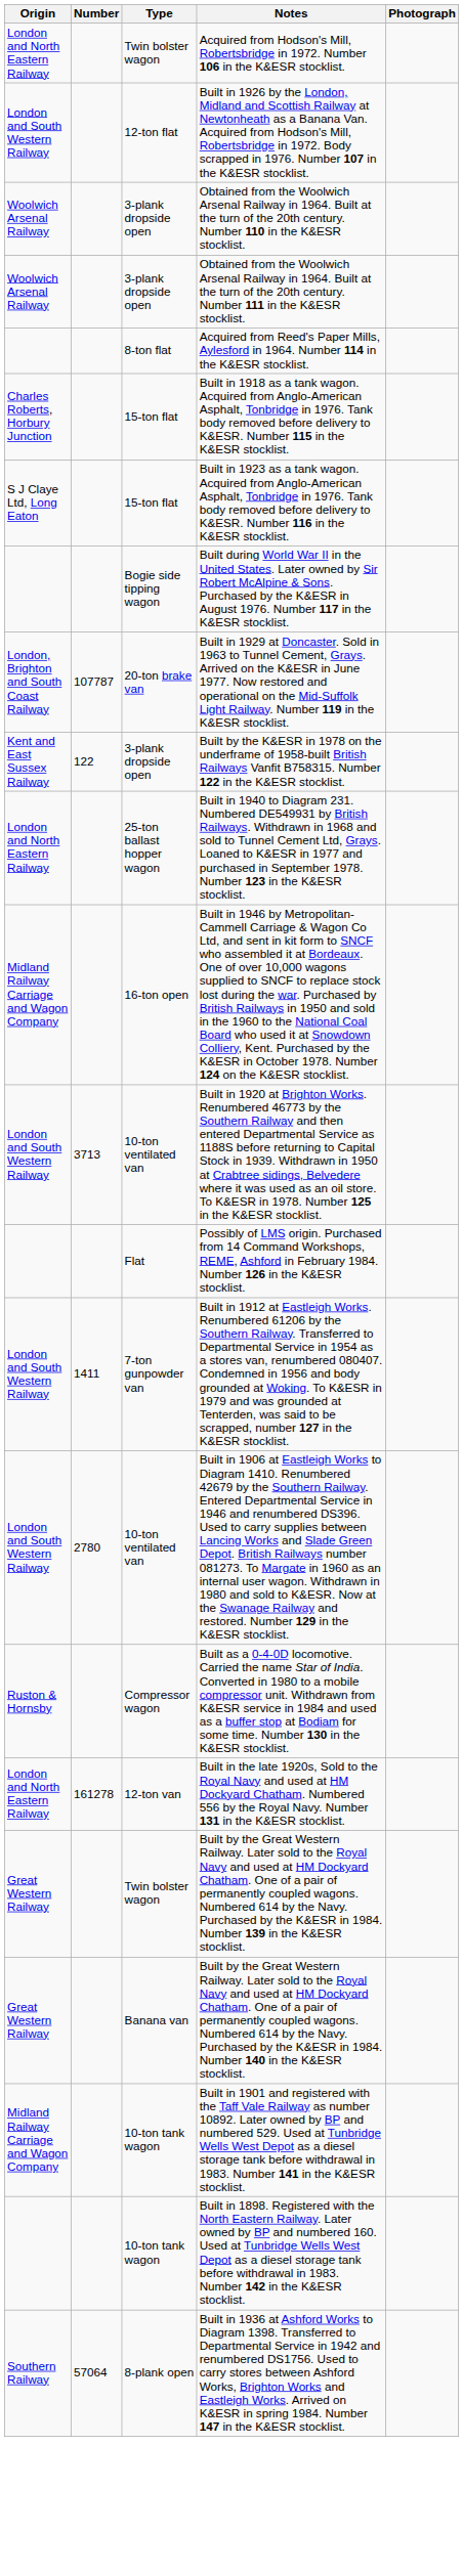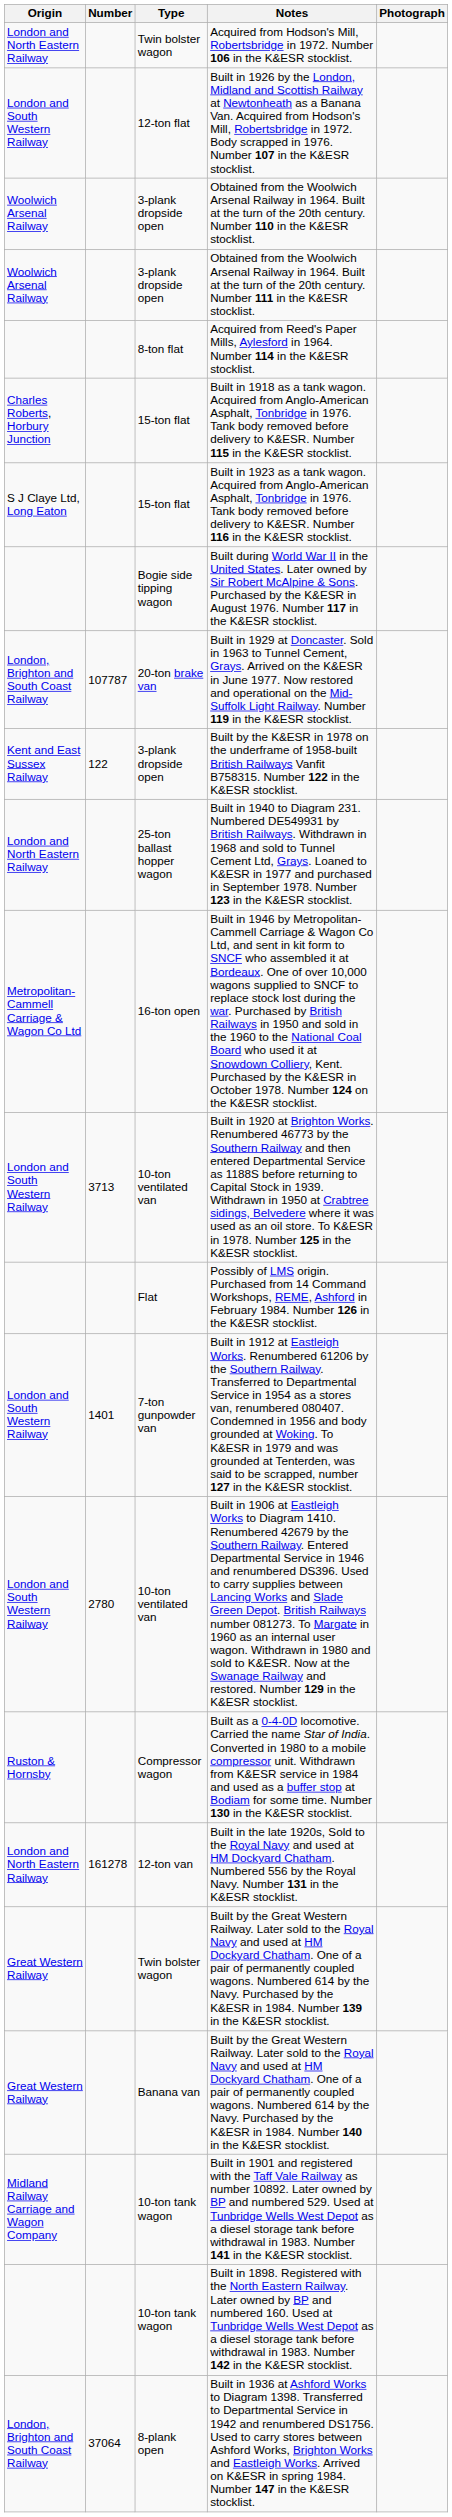 <table class="wikitable">
 <tr>
 <th>Origin</th>
 <th>Number</th>
 <th>Type</th>
 <th>Notes</th>
 <th>Photograph</th>
 </tr>
 <tr>
 <td><a href='#'>London and North Eastern Railway</a></td>
 <td></td>
 <td>Twin bolster wagon</td>
 <td>Acquired from Hodson's Mill, <a href='#'>Robertsbridge</a> in 1972. Number <strong>106</strong> in the K&ESR stocklist.</td>
 <td></td>
 </tr>
 <tr>
 <td><a href='#'>London and South Western Railway</a></td>
 <td></td>
 <td>12-ton flat</td>
 <td>Built in 1926 by the <a href='#'>London, Midland and Scottish Railway</a> at <a href='#'>Newtonheath</a> as a Banana Van. Acquired from Hodson's Mill, <a href='#'>Robertsbridge</a> in 1972. Body scrapped in 1976. Number <strong>107</strong> in the K&ESR stocklist.</td>
 <td></td>
 </tr>
 <tr>
 <td><a href='#'>Woolwich Arsenal Railway</a></td>
 <td></td>
 <td>3-plank dropside open</td>
 <td>Obtained from the Woolwich Arsenal Railway in 1964. Built at the turn of the 20th century. Number <strong>110</strong> in the K&ESR stocklist.</td>
 <td></td>
 </tr>
 <tr>
 <td><a href='#'>Woolwich Arsenal Railway</a></td>
 <td></td>
 <td>3-plank dropside open</td>
 <td>Obtained from the Woolwich Arsenal Railway in 1964. Built at the turn of the 20th century. Number <strong>111</strong> in the K&ESR stocklist.</td>
 <td></td>
 </tr>
 <tr>
 <td></td>
 <td></td>
 <td>8-ton flat</td>
 <td>Acquired from Reed's Paper Mills, <a href='#'>Aylesford</a> in 1964. Number <strong>114</strong> in the K&ESR stocklist.</td>
 <td></td>
 </tr>
 <tr>
 <td><a href='#'>Charles Roberts</a>, <a href='#'>Horbury Junction</a></td>
 <td></td>
 <td>15-ton flat</td>
 <td>Built in 1918 as a tank wagon. Acquired from Anglo-American Asphalt, <a href='#'>Tonbridge</a> in 1976. Tank body removed before delivery to K&ESR. Number <strong>115</strong> in the K&ESR stocklist.</td>
 <td></td>
 </tr>
 <tr>
 <td>S J Claye Ltd, <a href='#'>Long Eaton</a></td>
 <td></td>
 <td>15-ton flat</td>
 <td>Built in 1923 as a tank wagon. Acquired from Anglo-American Asphalt, <a href='#'>Tonbridge</a> in 1976. Tank body removed before delivery to K&ESR. Number <strong>116</strong> in the K&ESR stocklist.</td>
 <td></td>
 </tr>
 <tr>
 <td></td>
 <td></td>
 <td>Bogie side tipping wagon</td>
 <td>Built during <a href='#'>World War II</a> in the <a href='#'>United States</a>. Later owned by <a href='#'>Sir Robert McAlpine & Sons</a>. Purchased by the K&ESR in August 1976. Number <strong>117</strong> in the K&ESR stocklist.</td>
 <td></td>
 </tr>
 <tr>
 <td><a href='#'>London, Brighton and South Coast Railway</a></td>
 <td>107787</td>
 <td>20-ton <a href='#'>brake van</a></td>
 <td>Built in 1929 at <a href='#'>Doncaster</a>. Sold in 1963 to Tunnel Cement, <a href='#'>Grays</a>. Arrived on the K&ESR in June 1977. Now restored and operational on the <a href='#'>Mid-Suffolk Light Railway</a>. Number <strong>119</strong> in the K&ESR stocklist.</td>
 <td></td>
 </tr>
 <tr>
 <td><a href='#'>Kent and East Sussex Railway</a></td>
 <td>122</td>
 <td>3-plank dropside open</td>
 <td>Built by the K&ESR in 1978 on the underframe of 1958-built <a href='#'>British Railways</a> Vanfit B758315. Number <strong>122</strong> in the K&ESR stocklist.</td>
 <td></td>
 </tr>
 <tr>
 <td><a href='#'>London and North Eastern Railway</a></td>
 <td></td>
 <td>25-ton ballast hopper wagon</td>
 <td>Built in 1940 to Diagram 231. Numbered DE549931 by <a href='#'>British Railways</a>. Withdrawn in 1968 and sold to Tunnel Cement Ltd, <a href='#'>Grays</a>. Loaned to K&ESR in 1977 and purchased in September 1978. Number <strong>123</strong> in the K&ESR stocklist.</td>
 <td></td>
 </tr>
 <tr>
-<td><a href='#'>Midland Railway Carriage and Wagon Company</a></td>
+<td><a href='#'>Metropolitan-Cammell Carriage & Wagon Co Ltd</a></td>
 <td></td>
 <td>16-ton open</td>
 <td>Built in 1946 by Metropolitan-Cammell Carriage & Wagon Co Ltd, and sent in kit form to <a href='#'>SNCF</a> who assembled it at <a href='#'>Bordeaux</a>. One of over 10,000 wagons supplied to SNCF to replace stock lost during the <a href='#'>war</a>. Purchased by <a href='#'>British Railways</a> in 1950 and sold in the 1960 to the <a href='#'>National Coal Board</a> who used it at <a href='#'>Snowdown Colliery</a>, Kent. Purchased by the K&ESR in October 1978. Number <strong>124</strong> on the K&ESR stocklist.</td>
 <td></td>
 </tr>
 <tr>
 <td><a href='#'>London and South Western Railway</a></td>
 <td>3713</td>
 <td>10-ton ventilated van</td>
 <td>Built in 1920 at <a href='#'>Brighton Works</a>. Renumbered 46773 by the <a href='#'>Southern Railway</a> and then entered Departmental Service as 1188S before returning to Capital Stock in 1939. Withdrawn in 1950 at <a href='#'>Crabtree sidings, Belvedere</a> where it was used as an oil store. To K&ESR in 1978. Number <strong>125</strong> in the K&ESR stocklist.</td>
 <td></td>
 </tr>
 <tr>
 <td></td>
 <td></td>
 <td>Flat</td>
 <td>Possibly of <a href='#'>LMS</a> origin. Purchased from 14 Command Workshops, <a href='#'>REME</a>, <a href='#'>Ashford</a> in February 1984. Number <strong>126</strong> in the K&ESR stocklist.</td>
 <td></td>
 </tr>
 <tr>
 <td><a href='#'>London and South Western Railway</a></td>
-<td>1411</td>
+<td>1401</td>
 <td>7-ton gunpowder van</td>
 <td>Built in 1912 at <a href='#'>Eastleigh Works</a>. Renumbered 61206 by the <a href='#'>Southern Railway</a>. Transferred to Departmental Service in 1954 as a stores van, renumbered 080407. Condemned in 1956 and body grounded at <a href='#'>Woking</a>. To K&ESR in 1979 and was grounded at Tenterden, was said to be scrapped, number <strong>127</strong> in the K&ESR stocklist. </td>
 <td></td>
 </tr>
 <tr>
 <td><a href='#'>London and South Western Railway</a></td>
 <td>2780</td>
 <td>10-ton ventilated van</td>
 <td>Built in 1906 at <a href='#'>Eastleigh Works</a> to Diagram 1410. Renumbered 42679 by the <a href='#'>Southern Railway</a>. Entered Departmental Service in 1946 and renumbered DS396. Used to carry supplies between <a href='#'>Lancing Works</a> and <a href='#'>Slade Green Depot</a>. <a href='#'>British Railways</a> number 081273. To <a href='#'>Margate</a> in 1960 as an internal user wagon. Withdrawn in 1980 and sold to K&ESR. Now at the <a href='#'>Swanage Railway</a> and restored. Number <strong>129</strong> in the K&ESR stocklist.</td>
 <td></td>
 </tr>
 <tr>
 <td><a href='#'>Ruston & Hornsby</a></td>
 <td></td>
 <td>Compressor wagon</td>
 <td>Built as a  <a href='#'>0-4-0D</a> locomotive. Carried the name <em>Star of India</em>. Converted in 1980 to a mobile <a href='#'>compressor</a> unit. Withdrawn from K&ESR service in 1984 and used as a <a href='#'>buffer stop</a> at <a href='#'>Bodiam</a> for some time. Number <strong>130</strong> in the K&ESR stocklist.</td>
 <td></td>
 </tr>
 <tr>
 <td><a href='#'>London and North Eastern Railway</a></td>
 <td>161278</td>
 <td>12-ton van</td>
 <td>Built in the late 1920s, Sold to the <a href='#'>Royal Navy</a> and used at <a href='#'>HM Dockyard Chatham</a>. Numbered 556 by the Royal Navy. Number <strong>131</strong> in the K&ESR stocklist.</td>
 <td></td>
 </tr>
 <tr>
 <td><a href='#'>Great Western Railway</a></td>
 <td></td>
 <td>Twin bolster wagon</td>
 <td>Built by the Great Western Railway. Later sold to the <a href='#'>Royal Navy</a> and used at <a href='#'>HM Dockyard Chatham</a>. One of a pair of permanently coupled wagons. Numbered 614 by the Navy. Purchased by the K&ESR in 1984. Number <strong>139</strong> in the K&ESR stocklist.</td>
 <td></td>
 </tr>
 <tr>
 <td><a href='#'>Great Western Railway</a></td>
 <td></td>
 <td>Banana van</td>
 <td>Built by the Great Western Railway. Later sold to the <a href='#'>Royal Navy</a> and used at <a href='#'>HM Dockyard Chatham</a>. One of a pair of permanently coupled wagons. Numbered 614 by the Navy. Purchased by the K&ESR in 1984. Number <strong>140</strong> in the K&ESR stocklist.</td>
 <td></td>
 </tr>
 <tr>
 <td><a href='#'>Midland Railway Carriage and Wagon Company</a></td>
 <td></td>
 <td>10-ton tank wagon</td>
 <td>Built in 1901 and registered with the <a href='#'>Taff Vale Railway</a> as number 10892. Later owned by <a href='#'>BP</a> and numbered 529. Used at <a href='#'>Tunbridge Wells West Depot</a> as a diesel storage tank before withdrawal in 1983. Number <strong>141</strong> in the K&ESR stocklist.</td>
 <td></td>
 </tr>
 <tr>
 <td></td>
 <td></td>
 <td>10-ton tank wagon</td>
 <td>Built in 1898. Registered with the <a href='#'>North Eastern Railway</a>. Later owned by <a href='#'>BP</a> and numbered 160. Used at <a href='#'>Tunbridge Wells West Depot</a> as a diesel storage tank before withdrawal in 1983. Number <strong>142</strong> in the K&ESR stocklist.</td>
 <td></td>
 </tr>
 <tr>
-<td><a href='#'>Southern Railway</a></td>
-<td>57064</td>
+<td><a href='#'>London, Brighton and South Coast Railway</a></td>
+<td>37064</td>
 <td>8-plank open</td>
 <td>Built in 1936 at <a href='#'>Ashford Works</a> to Diagram 1398. Transferred to Departmental Service in 1942 and renumbered DS1756. Used to carry stores between Ashford Works, <a href='#'>Brighton Works</a> and <a href='#'>Eastleigh Works</a>. Arrived on K&ESR in spring 1984. Number <strong>147</strong> in the K&ESR stocklist.</td>
 <td></td>
 </tr>
 </table>
